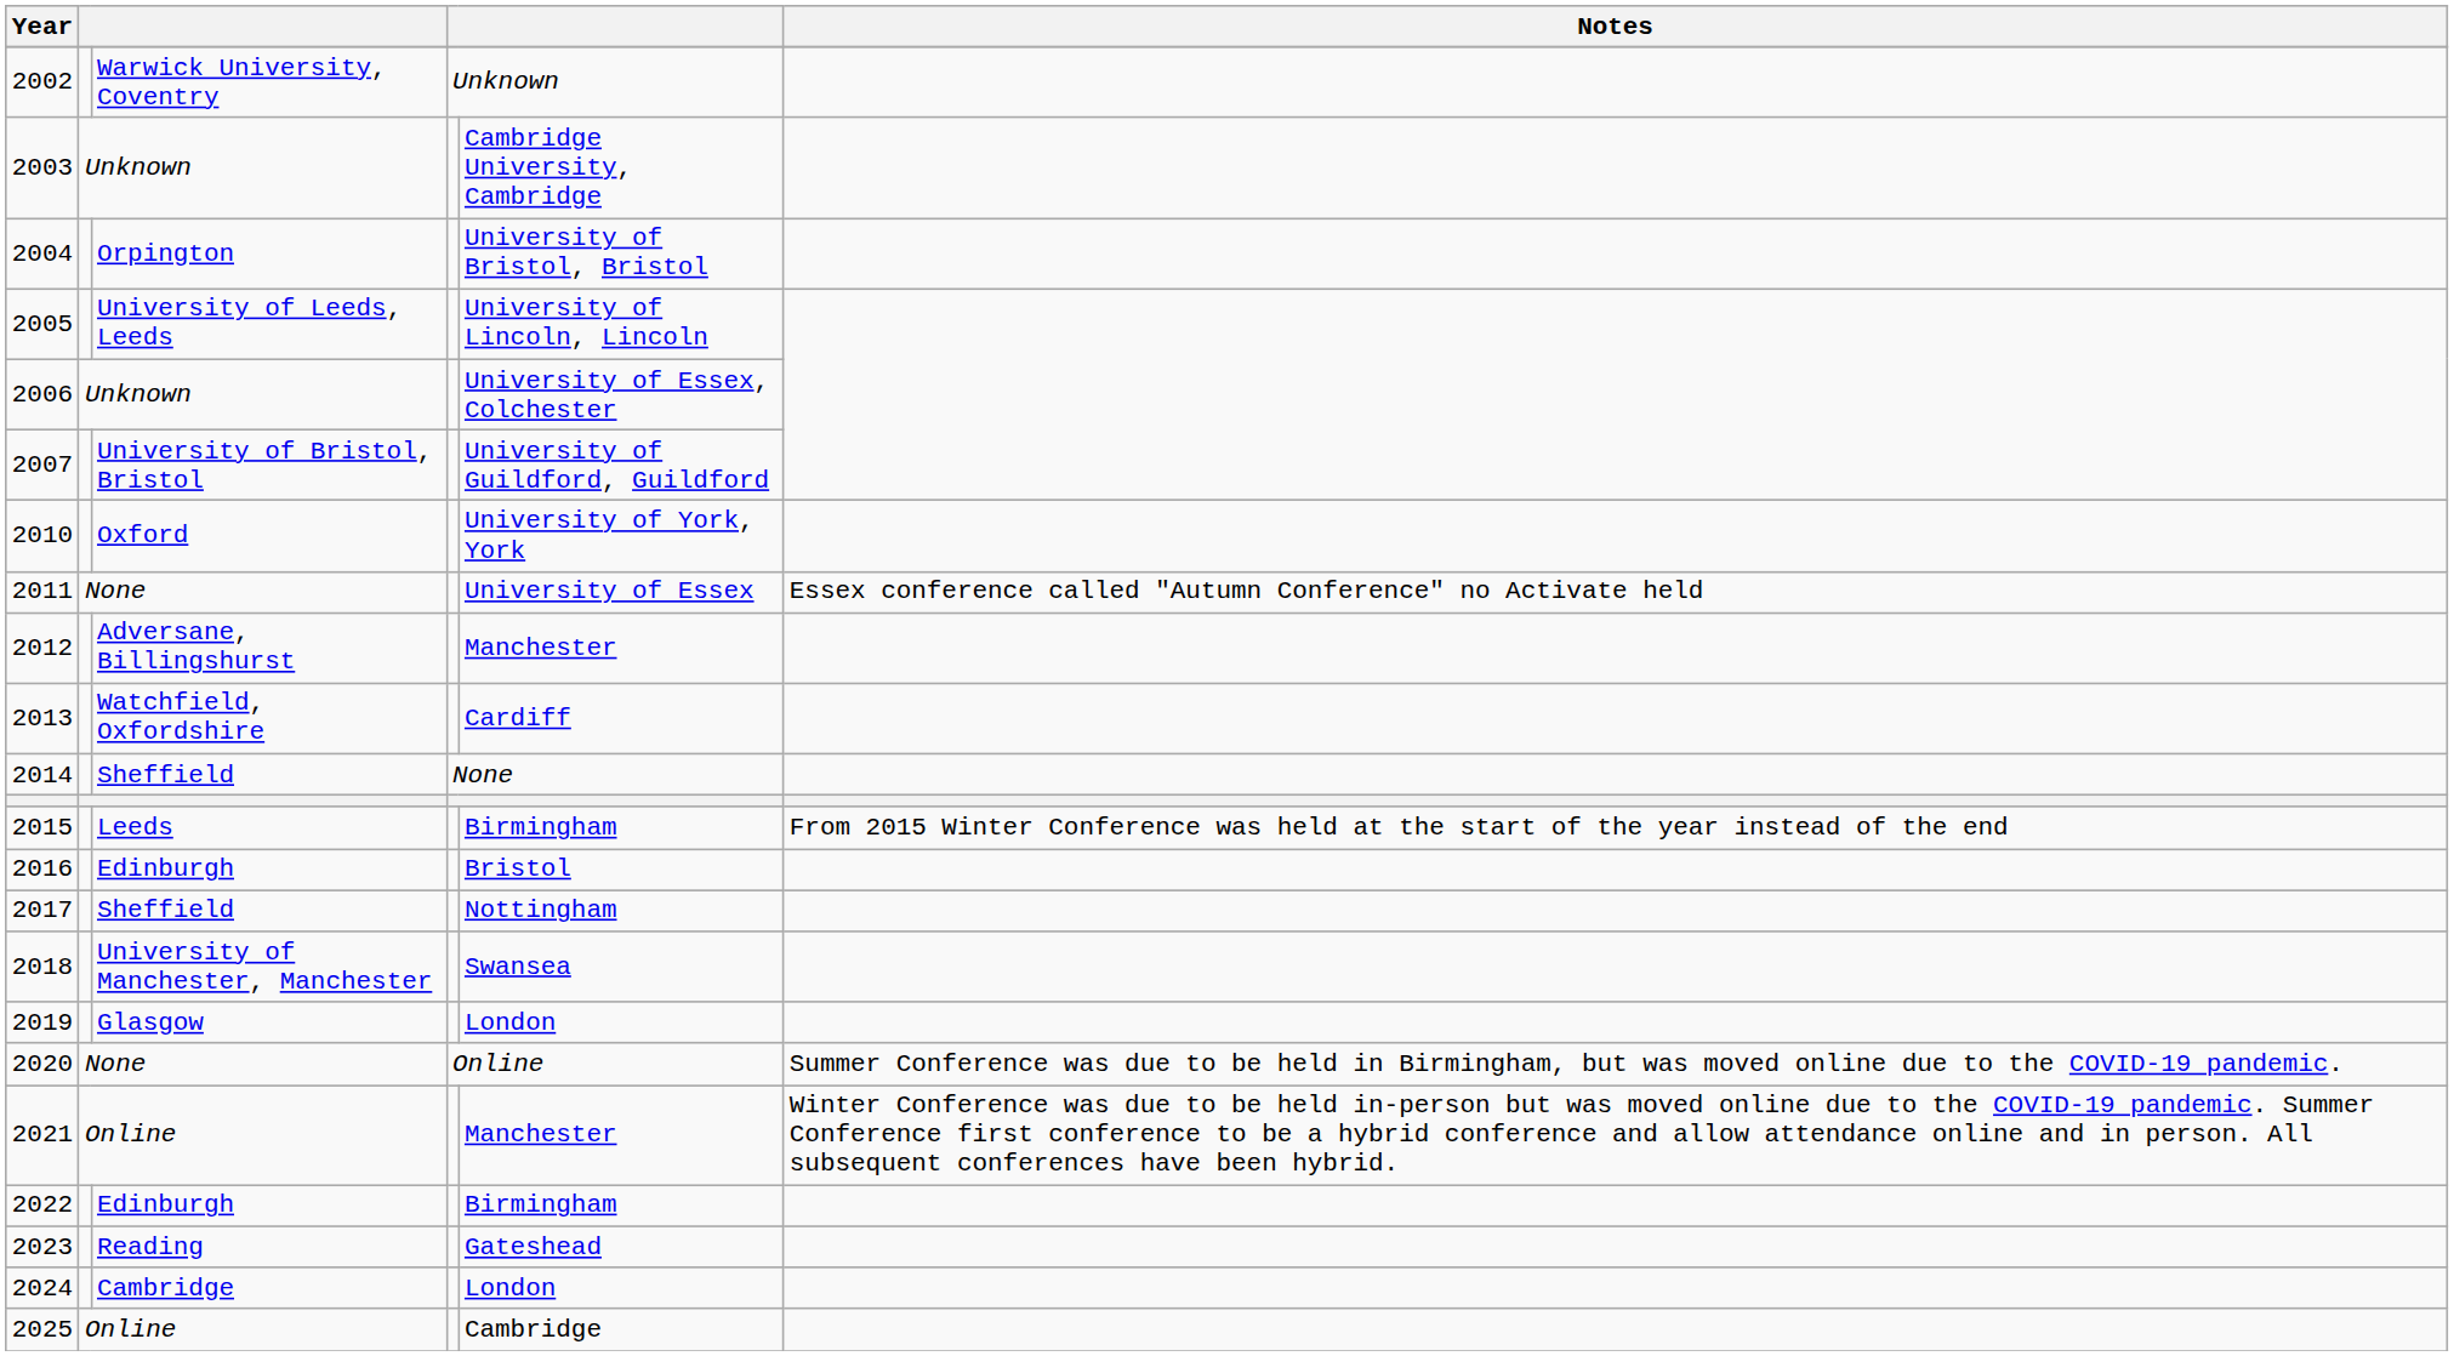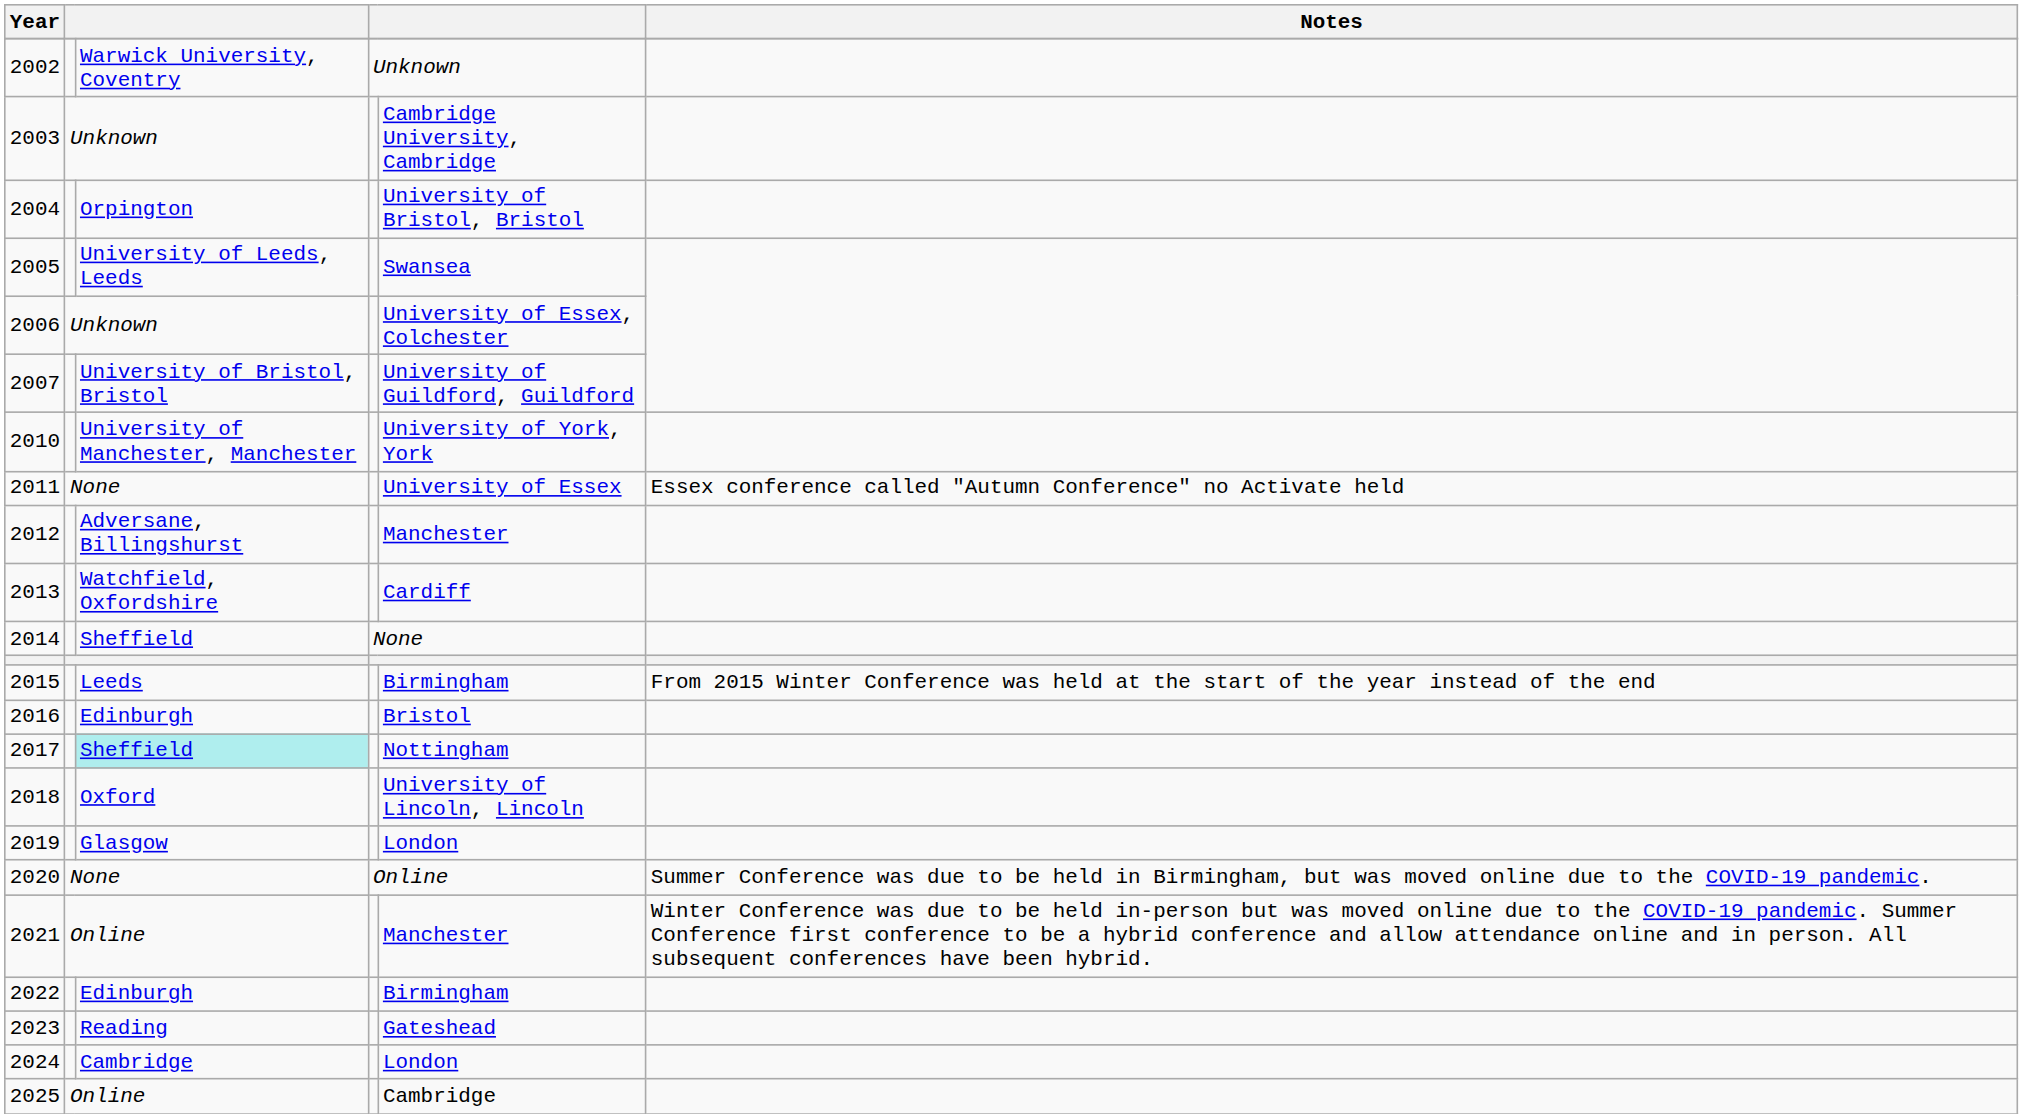 <table class="wikitable">
 <tr>
 <th>Year</th>
 <th colspan="2"></th>
 <th colspan="2"></th>
 <th>Notes</th>
 </tr>
 <tr>
 </tr>
 <tr>
 <td>2002</td>
 <td></td>
 <td><a href='#'>Warwick University</a>, <a href='#'>Coventry</a></td>
 <td colspan=2><em>Unknown</em></td>
 <td></td>
 </tr>
 <tr>
 <td>2003</td>
 <td colspan=2><em>Unknown</em></td>
 <td></td>
 <td><a href='#'>Cambridge University</a>, <a href='#'>Cambridge</a></td>
 <td></td>
 </tr>
 <tr>
 <td>2004</td>
 <td></td>
 <td><a href='#'>Orpington</a></td>
 <td></td>
 <td><a href='#'>University of Bristol</a>, <a href='#'>Bristol</a></td>
 <td></td>
 </tr>
 <tr>
 <td>2005</td>
 <td></td>
 <td><a href='#'>University of Leeds</a>, <a href='#'>Leeds</a></td>
 <td></td>
-<td><a href='#'>University of Lincoln</a>, <a href='#'>Lincoln</a></td>
+<td><a href='#'>Swansea</a></td>
 </tr>
 <tr>
 <td>2006</td>
 <td colspan=2><em>Unknown</em></td>
 <td></td>
 <td><a href='#'>University of Essex</a>, <a href='#'>Colchester</a></td>
 </tr>
 <tr>
 <td>2007</td>
 <td></td>
 <td><a href='#'>University of Bristol</a>, <a href='#'>Bristol</a></td>
 <td></td>
 <td><a href='#'>University of Guildford</a>, <a href='#'>Guildford</a></td>
 </tr>
 <tr>
 <td>2010</td>
 <td></td>
-<td><a href='#'>Oxford</a></td>
+<td><a href='#'>University of Manchester</a>, <a href='#'>Manchester</a></td>
 <td></td>
 <td><a href='#'>University of York</a>, <a href='#'>York</a></td>
 <td></td>
 </tr>
 <tr>
 <td>2011</td>
 <td colspan=2><em>None</em></td>
 <td></td>
 <td><a href='#'>University of Essex</a></td>
 <td>Essex conference called "Autumn Conference" no Activate held</td>
 </tr>
 <tr>
 <td>2012</td>
 <td></td>
 <td><a href='#'>Adversane</a>, <a href='#'>Billingshurst</a></td>
 <td></td>
 <td><a href='#'>Manchester</a></td>
 <td></td>
 </tr>
 <tr>
 <td>2013</td>
 <td></td>
 <td><a href='#'>Watchfield</a>, <a href='#'>Oxfordshire</a></td>
 <td></td>
 <td><a href='#'>Cardiff</a></td>
 <td></td>
 </tr>
 <tr>
 <td>2014</td>
 <td></td>
 <td><a href='#'>Sheffield</a></td>
 <td colspan=2><em>None</em></td>
 <td></td>
 </tr>
 <tr>
 <th></th>
 <th colspan="2"></th>
 <th colspan="2"></th>
 <th></th>
 </tr>
 <tr>
 <td>2015</td>
 <td></td>
 <td><a href='#'>Leeds</a></td>
 <td></td>
 <td><a href='#'>Birmingham</a></td>
 <td>From 2015 Winter Conference was held at the start of the year instead of the end</td>
 </tr>
 <tr>
 <td>2016</td>
 <td></td>
 <td><a href='#'>Edinburgh</a></td>
 <td></td>
 <td><a href='#'>Bristol</a></td>
 <td></td>
 </tr>
 <tr>
 <td>2017</td>
 <td></td>
-<td><a href='#'>Sheffield</a></td>
+<td style="background: paleturquoise;"><a href='#'>Sheffield</a></td>
 <td></td>
 <td><a href='#'>Nottingham</a></td>
 <td></td>
 </tr>
 <tr>
 <td>2018</td>
 <td></td>
-<td><a href='#'>University of Manchester</a>, <a href='#'>Manchester</a></td>
+<td><a href='#'>Oxford</a></td>
 <td></td>
-<td><a href='#'>Swansea</a></td>
+<td><a href='#'>University of Lincoln</a>, <a href='#'>Lincoln</a></td>
 <td></td>
 </tr>
 <tr>
 <td>2019</td>
 <td></td>
 <td><a href='#'>Glasgow</a></td>
 <td></td>
 <td><a href='#'>London</a></td>
 <td></td>
 </tr>
 <tr>
 <td>2020</td>
 <td colspan=2><em>None</em></td>
 <td colspan=2><em>Online</em></td>
 <td>Summer Conference was due to be held in Birmingham, but was moved online due to the <a href='#'>COVID-19 pandemic</a>.</td>
 </tr>
 <tr>
 <td>2021</td>
 <td colspan=2><em>Online</em></td>
 <td></td>
 <td><a href='#'>Manchester</a></td>
 <td>Winter Conference was due to be held in-person but was moved online due to the <a href='#'>COVID-19 pandemic</a>. Summer Conference first conference to be a hybrid conference and allow attendance online and in person. All subsequent conferences have been hybrid.</td>
 </tr>
 <tr>
 <td>2022</td>
 <td></td>
 <td><a href='#'>Edinburgh</a></td>
 <td></td>
 <td><a href='#'>Birmingham</a></td>
 <td></td>
 </tr>
 <tr>
 <td>2023</td>
 <td></td>
 <td><a href='#'>Reading</a></td>
 <td></td>
 <td><a href='#'>Gateshead</a></td>
 <td></td>
 </tr>
 <tr>
 <td>2024</td>
 <td></td>
 <td><a href='#'>Cambridge</a></td>
 <td></td>
 <td><a href='#'>London</a></td>
 <td></td>
 </tr>
 <tr>
 <td>2025</td>
 <td colspan=2><em>Online</em></td>
 <td></td>
 <td>Cambridge</td>
 <td></td>
 </tr>
 </table>
